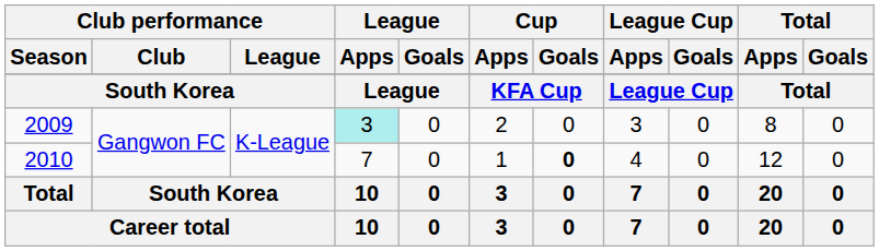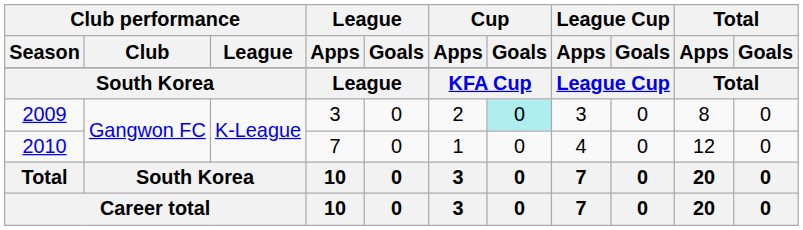 <table class="wikitable" style="text-align:center">
 <tr>
 <th colspan=3>Club performance</th>
 <th colspan=2>League</th>
 <th colspan=2>Cup</th>
 <th colspan=2>League Cup</th>
 <th colspan=2>Total</th>
 </tr>
 <tr>
 <th>Season</th>
 <th>Club</th>
 <th>League</th>
 <th>Apps</th>
 <th>Goals</th>
 <th>Apps</th>
 <th>Goals</th>
 <th>Apps</th>
 <th>Goals</th>
 <th>Apps</th>
 <th>Goals</th>
 </tr>
 <tr>
 </tr>
 <tr>
 <th colspan=3>South Korea</th>
 <th colspan=2>League</th>
 <th colspan=2><a href='#'>KFA Cup</a></th>
 <th colspan=2><a href='#'>League Cup</a></th>
 <th colspan=2>Total</th>
 </tr>
 <tr>
 <td><a href='#'>2009</a></td>
 <td rowspan=2><a href='#'>Gangwon FC</a></td>
 <td rowspan=2><a href='#'>K-League</a></td>
-<td style="background: paleturquoise;">3</td>
+<td>3</td>
 <td>0</td>
 <td>2</td>
-<td>0</td>
+<td style="background: paleturquoise;">0</td>
 <td>3</td>
 <td>0</td>
 <td>8</td>
 <td>0</td>
 </tr>
 <tr>
 <td><a href='#'>2010</a></td>
 <td>7</td>
 <td>0</td>
 <td>1</td>
-<td><strong>0</strong></td>
+<td>0</td>
 <td>4</td>
 <td>0</td>
 <td>12</td>
 <td>0</td>
 </tr>
 <tr>
 <th rowspan=1>Total</th>
 <th colspan=2>South Korea</th>
 <th>10</th>
 <th>0</th>
 <th>3</th>
 <th>0</th>
 <th>7</th>
 <th>0</th>
 <th>20</th>
 <th>0</th>
 </tr>
 <tr>
 <th colspan=3>Career total</th>
 <th>10</th>
 <th>0</th>
 <th>3</th>
 <th>0</th>
 <th>7</th>
 <th>0</th>
 <th>20</th>
 <th>0</th>
 </tr>
 </table>
